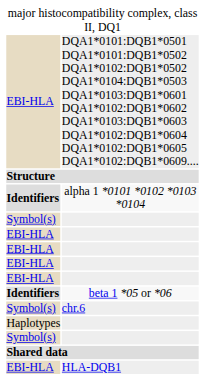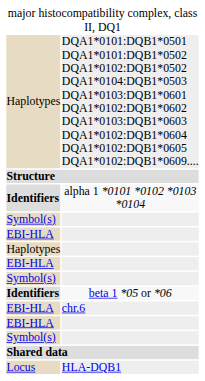 <table id="drugInfoBox" style="float: right; clear: right; margin: 0 0 0.5em 1em; background: #ffffff;" class="toccolours" border=0 cellpadding=0 align=right width="240px">
 <tr>
 <td align="center" colspan="2"></td>
 </tr>
 <tr>
 <td align="center" colspan="2"><div>major histocompatibility complex, class II, DQ1</div></td>
 </tr>
 <tr>
-<td bgcolor="#e7dcc3"><a href='#'>EBI-HLA</a></td>
+<td bgcolor="#e7dcc3">Haplotypes</td>
 <td bgcolor="#eeeeee">DQA1*0101:DQB1*0501 DQA1*0101:DQB1*0502 DQA1*0102:DQB1*0502 DQA1*0104:DQB1*0503 DQA1*0103:DQB1*0601 DQA1*0102:DQB1*0602 DQA1*0103:DQB1*0603 DQA1*0102:DQB1*0604 DQA1*0102:DQB1*0605 DQA1*0102:DQB1*0609....</td>
 </tr>
 <tr>
 <td colspan="2" bgcolor="#dddddd"><strong>Structure</strong></td>
 </tr>
 <tr style="background:#f8f8f8">
 <td bgcolor="#dddddd"><strong>Identifiers</strong></td>
 <td align="center"><div>alpha 1 <em>*0101</em> <em>*0102</em> <em>*0103</em> <em>*0104</em></div></td>
 </tr>
 <tr>
 <td bgcolor="#e7dcc3"><a href='#'>Symbol(s)</a></td>
 <td bgcolor="#eeeeee"></td>
 </tr>
 <tr>
 <td bgcolor="#e7dcc3"><a href='#'>EBI-HLA</a></td>
 <td bgcolor="#eeeeee"></td>
 </tr>
 <tr>
-<td bgcolor="#e7dcc3"><a href='#'>EBI-HLA</a></td>
+<td bgcolor="#e7dcc3">Haplotypes</td>
 <td bgcolor="#eeeeee"> </td>
 </tr>
 <tr>
 <td bgcolor="#e7dcc3"><a href='#'>EBI-HLA</a></td>
 <td bgcolor="#eeeeee"></td>
 </tr>
 <tr>
-<td bgcolor="#e7dcc3"><a href='#'>EBI-HLA</a></td>
+<td bgcolor="#e7dcc3"><a href='#'>Symbol(s)</a></td>
 <td bgcolor="#eeeeee"></td>
 </tr>
 <tr style="background:#f8f8f8">
 <td bgcolor="#dddddd"><strong>Identifiers</strong></td>
 <td align="center"><div><a href='#'>beta 1</a> <em>*05</em> or <em>*06</em></div></td>
 </tr>
 <tr>
-<td bgcolor="#e7dcc3"><a href='#'>Symbol(s)</a></td>
+<td bgcolor="#e7dcc3"><a href='#'>EBI-HLA</a></td>
 <td bgcolor="#eeeeee"><a href='#'>chr.6</a> <em></em></td>
 </tr>
 <tr>
-<td bgcolor="#e7dcc3">Haplotypes</td>
+<td bgcolor="#e7dcc3"><a href='#'>EBI-HLA</a></td>
 <td bgcolor="#eeeeee"></td>
 </tr>
 <tr>
 <td bgcolor="#e7dcc3"><a href='#'>Symbol(s)</a></td>
 <td bgcolor="#eeeeee"></td>
 </tr>
 <tr>
 <td colspan="2" bgcolor="#dddddd"><strong>Shared data</strong></td>
 </tr>
 <tr>
-<td bgcolor="#e7dcc3"><a href='#'>EBI-HLA</a></td>
+<td bgcolor="#e7dcc3"><a href='#'>Locus</a></td>
 <td bgcolor="#eeeeee"><a href='#'>HLA-DQB1</a></td>
 </tr>
 <tr>
 </tr>
 </table>
